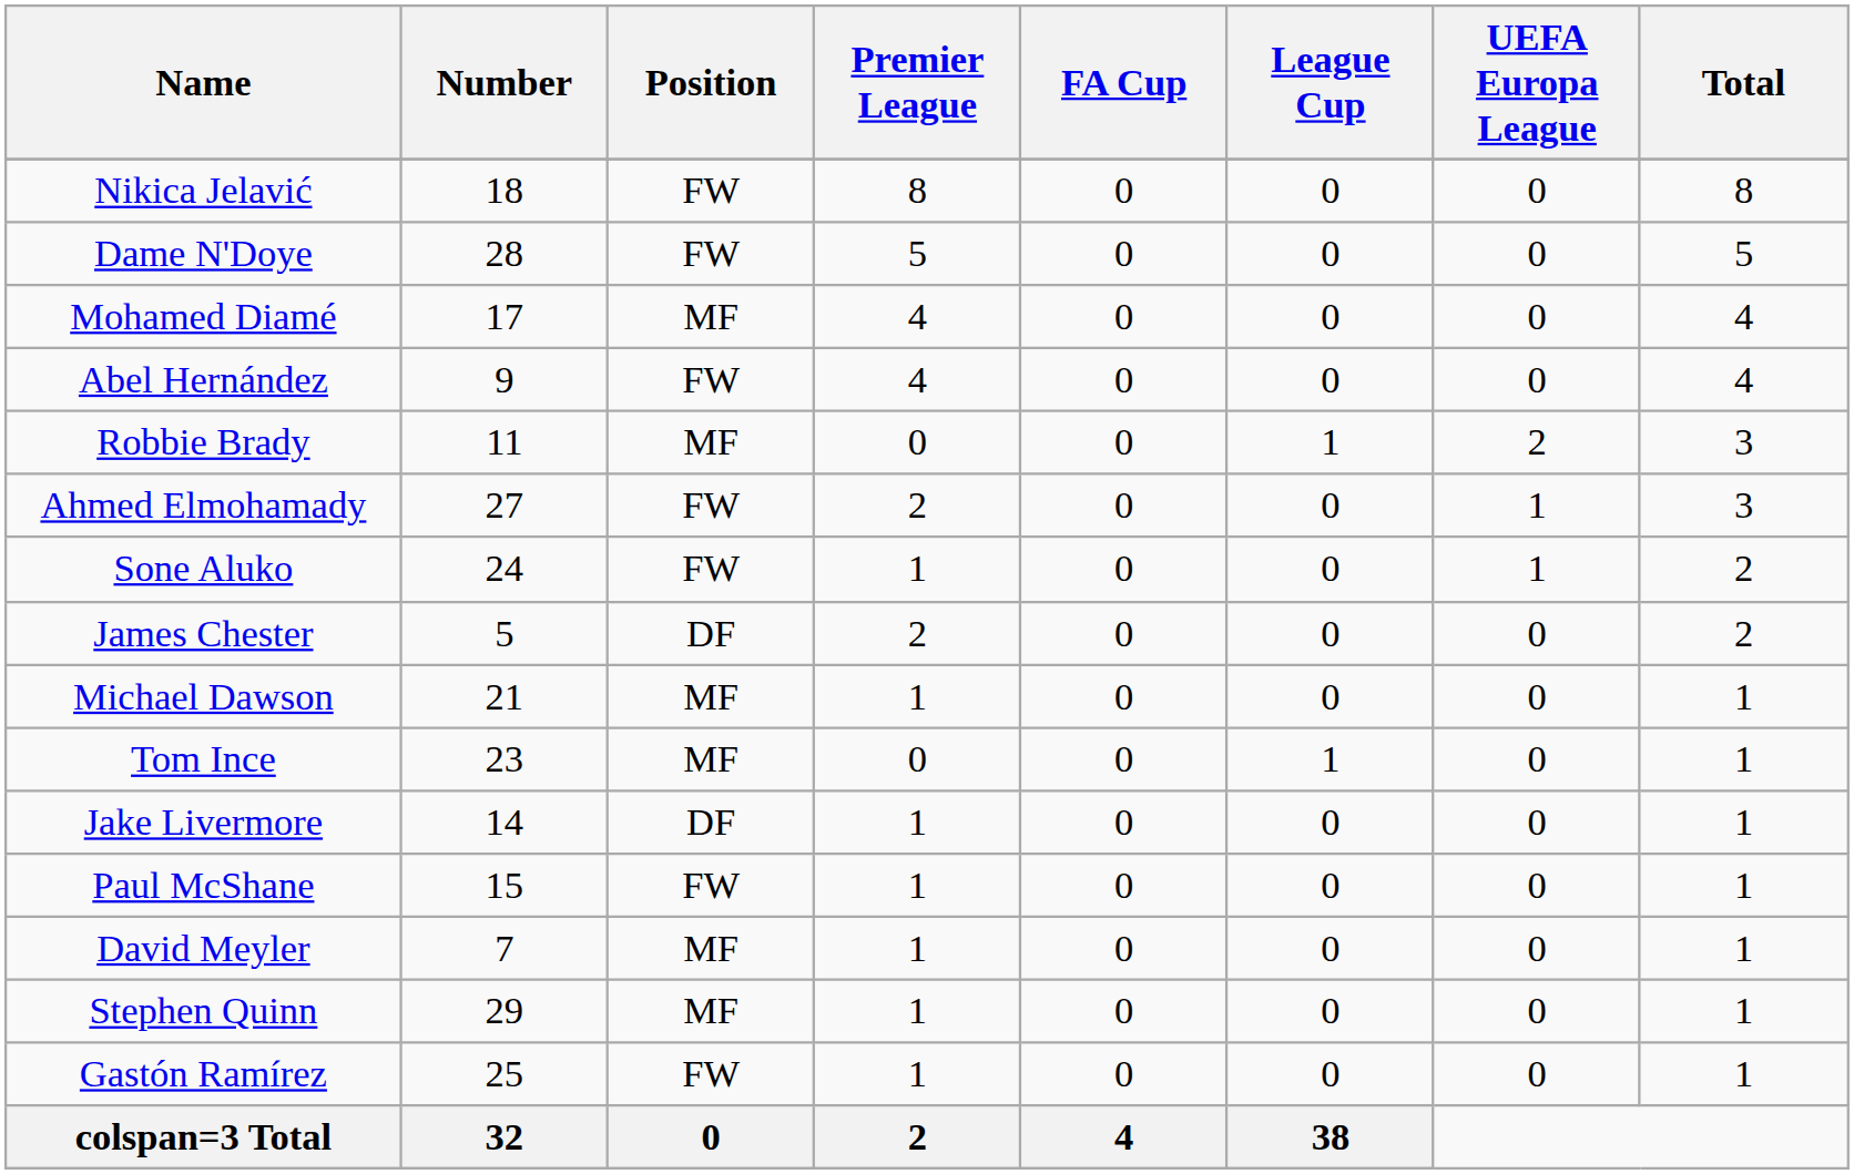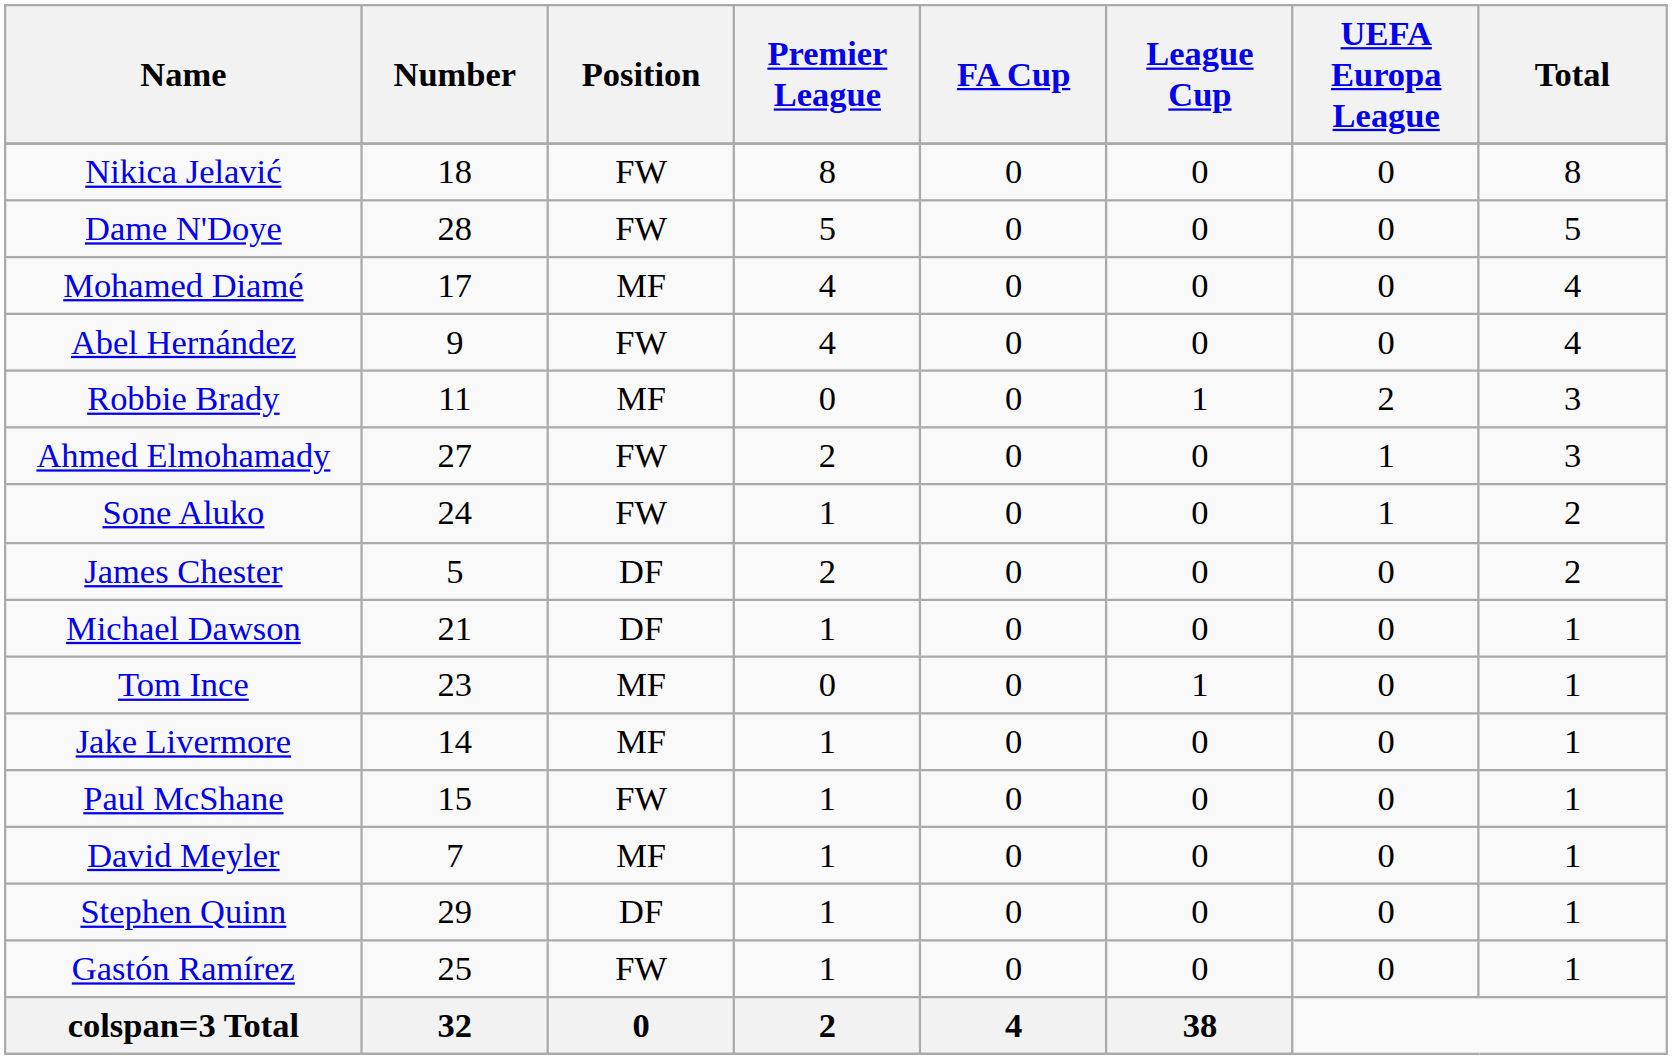 <table class="wikitable sortable" style="text-align:center; font-size:95%">
 <tr>
 <th width=150px>Name</th>
 <th width=75px>Number</th>
 <th width=75px>Position</th>
 <th width=75px><a href='#'>Premier League</a></th>
 <th width=75px><a href='#'>FA Cup</a></th>
 <th width=75px><a href='#'>League<br>Cup</a></th>
 <th width=75px><a href='#'>UEFA Europa League</a></th>
 <th width=75px>Total</th>
 </tr>
 <tr class="unsortable">
 </tr>
 <tr>
 <td> <a href='#'>Nikica Jelavić</a></td>
 <td>18</td>
 <td>FW</td>
 <td>8</td>
 <td>0</td>
 <td>0</td>
 <td>0</td>
 <td>8</td>
 </tr>
 <tr>
 <td> <a href='#'>Dame N'Doye</a></td>
 <td>28</td>
 <td>FW</td>
 <td>5</td>
 <td>0</td>
 <td>0</td>
 <td>0</td>
 <td>5</td>
 </tr>
 <tr>
 <td> <a href='#'>Mohamed Diamé</a></td>
 <td>17</td>
 <td>MF</td>
 <td>4</td>
 <td>0</td>
 <td>0</td>
 <td>0</td>
 <td>4</td>
 </tr>
 <tr>
 <td> <a href='#'>Abel Hernández</a></td>
 <td>9</td>
 <td>FW</td>
 <td>4</td>
 <td>0</td>
 <td>0</td>
 <td>0</td>
 <td>4</td>
 </tr>
 <tr>
 <td> <a href='#'>Robbie Brady</a></td>
 <td>11</td>
 <td>MF</td>
 <td>0</td>
 <td>0</td>
 <td>1</td>
 <td>2</td>
 <td>3</td>
 </tr>
 <tr>
 <td> <a href='#'>Ahmed Elmohamady</a></td>
 <td>27</td>
 <td>FW</td>
 <td>2</td>
 <td>0</td>
 <td>0</td>
 <td>1</td>
 <td>3</td>
 </tr>
 <tr>
 <td> <a href='#'>Sone Aluko</a></td>
 <td>24</td>
 <td>FW</td>
 <td>1</td>
 <td>0</td>
 <td>0</td>
 <td>1</td>
 <td>2</td>
 </tr>
 <tr>
 <td> <a href='#'>James Chester</a></td>
 <td>5</td>
 <td>DF</td>
 <td>2</td>
 <td>0</td>
 <td>0</td>
 <td>0</td>
 <td>2</td>
 </tr>
 <tr>
 <td> <a href='#'>Michael Dawson</a></td>
 <td>21</td>
-<td>MF</td>
+<td>DF</td>
 <td>1</td>
 <td>0</td>
 <td>0</td>
 <td>0</td>
 <td>1</td>
 </tr>
 <tr>
 <td> <a href='#'>Tom Ince</a></td>
 <td>23</td>
 <td>MF</td>
 <td>0</td>
 <td>0</td>
 <td>1</td>
 <td>0</td>
 <td>1</td>
 </tr>
 <tr>
 <td> <a href='#'>Jake Livermore</a></td>
 <td>14</td>
-<td>DF</td>
+<td>MF</td>
 <td>1</td>
 <td>0</td>
 <td>0</td>
 <td>0</td>
 <td>1</td>
 </tr>
 <tr>
 <td> <a href='#'>Paul McShane</a></td>
 <td>15</td>
 <td>FW</td>
 <td>1</td>
 <td>0</td>
 <td>0</td>
 <td>0</td>
 <td>1</td>
 </tr>
 <tr>
 <td> <a href='#'>David Meyler</a></td>
 <td>7</td>
 <td>MF</td>
 <td>1</td>
 <td>0</td>
 <td>0</td>
 <td>0</td>
 <td>1</td>
 </tr>
 <tr>
 <td> <a href='#'>Stephen Quinn</a></td>
 <td>29</td>
-<td>MF</td>
+<td>DF</td>
 <td>1</td>
 <td>0</td>
 <td>0</td>
 <td>0</td>
 <td>1</td>
 </tr>
 <tr>
 <td> <a href='#'>Gastón Ramírez</a></td>
 <td>25</td>
 <td>FW</td>
 <td>1</td>
 <td>0</td>
 <td>0</td>
 <td>0</td>
 <td>1</td>
 </tr>
 <tr>
 <th>colspan=3 Total</th>
 <th>32</th>
 <th>0</th>
 <th>2</th>
 <th>4</th>
 <th>38</th>
 </tr>
 <tr>
 </tr>
 </table>
